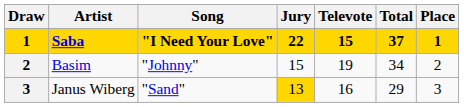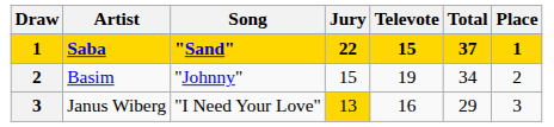 <table class="sortable wikitable plainrowheaders" style="margin: 1em auto 1em auto; text-align:center;">
 <tr>
 <th scope="col">Draw</th>
 <th scope="col">Artist</th>
 <th scope="col">Song</th>
 <th scope="col">Jury</th>
 <th scope="col">Televote</th>
 <th scope="col">Total</th>
 <th scope="col">Place</th>
 </tr>
 <tr>
 </tr>
 <tr style="font-weight:bold; background:gold;">
 <th scope="row" style="text-align:center; font-weight:bold; background:gold;">1</th>
 <td align="left"><a href='#'>Saba</a></td>
-<td align="left">"I Need Your Love"</td>
+<td align="left">"<a href='#'>Sand</a>"</td>
 <td>22</td>
 <td>15</td>
 <td>37</td>
 <td>1</td>
 </tr>
 <tr>
 <th scope="row" style="text-align:center;">2</th>
 <td align="left"><a href='#'>Basim</a></td>
 <td align="left">"<a href='#'>Johnny</a>"</td>
 <td>15</td>
 <td>19</td>
 <td>34</td>
 <td>2</td>
 </tr>
 <tr>
 <th scope="row" style="text-align:center;">3</th>
 <td align="left">Janus Wiberg</td>
-<td align="left">"<a href='#'>Sand</a>"</td>
+<td align="left">"I Need Your Love"</td>
 <td style="background: gold;">13</td>
 <td>16</td>
 <td>29</td>
 <td>3</td>
 </tr>
 </table>
